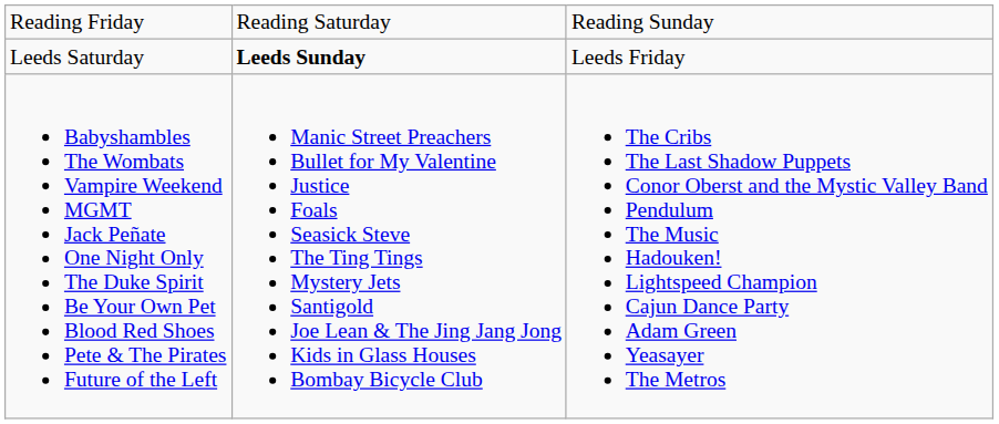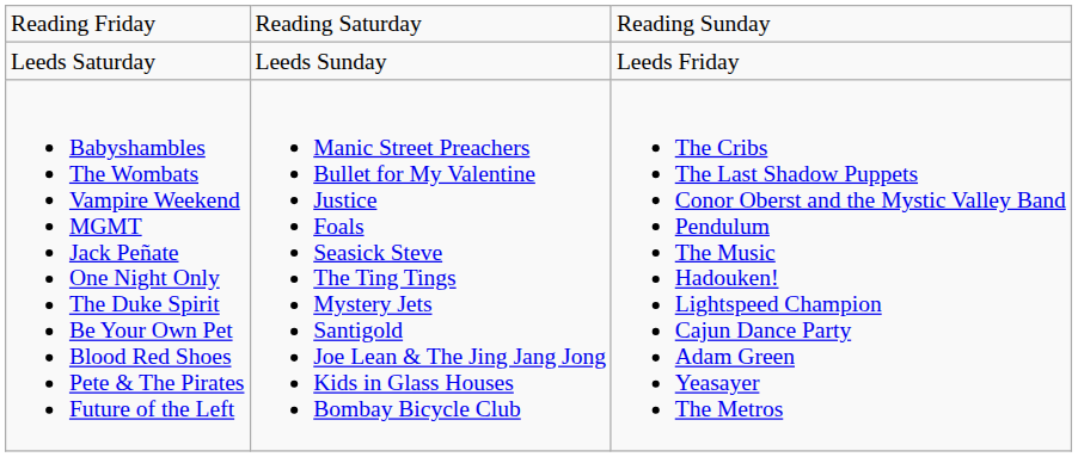 <table class="wikitable">
 <tr>
 <td>Reading Friday</td>
 <td>Reading Saturday</td>
 <td>Reading Sunday</td>
 </tr>
 <tr>
 <td>Leeds Saturday</td>
-<td><strong>Leeds Sunday</strong></td>
+<td>Leeds Sunday</td>
 <td>Leeds Friday</td>
 </tr>
 <tr>
 <td><br><ul><li><a href='#'>Babyshambles</a></li><li><a href='#'>The Wombats</a></li><li><a href='#'>Vampire Weekend</a></li><li><a href='#'>MGMT</a></li><li><a href='#'>Jack Peñate</a></li><li><a href='#'>One Night Only</a></li><li><a href='#'>The Duke Spirit</a></li><li><a href='#'>Be Your Own Pet</a></li><li><a href='#'>Blood Red Shoes</a></li><li><a href='#'>Pete & The Pirates</a></li><li><a href='#'>Future of the Left</a></li></ul></td>
 <td><br><ul><li><a href='#'>Manic Street Preachers</a></li><li><a href='#'>Bullet for My Valentine</a></li><li><a href='#'>Justice</a></li><li><a href='#'>Foals</a></li><li><a href='#'>Seasick Steve</a></li><li><a href='#'>The Ting Tings</a></li><li><a href='#'>Mystery Jets</a></li><li><a href='#'>Santigold</a></li><li><a href='#'>Joe Lean & The Jing Jang Jong</a></li><li><a href='#'>Kids in Glass Houses</a></li><li><a href='#'>Bombay Bicycle Club</a></li></ul></td>
 <td><br><ul><li><a href='#'>The Cribs</a></li><li><a href='#'>The Last Shadow Puppets</a></li><li><a href='#'>Conor Oberst and the Mystic Valley Band</a></li><li><a href='#'>Pendulum</a></li><li><a href='#'>The Music</a></li><li><a href='#'>Hadouken!</a></li><li><a href='#'>Lightspeed Champion</a></li><li><a href='#'>Cajun Dance Party</a></li><li><a href='#'>Adam Green</a></li><li><a href='#'>Yeasayer</a></li><li><a href='#'>The Metros</a></li></ul></td>
 </tr>
 </table>
